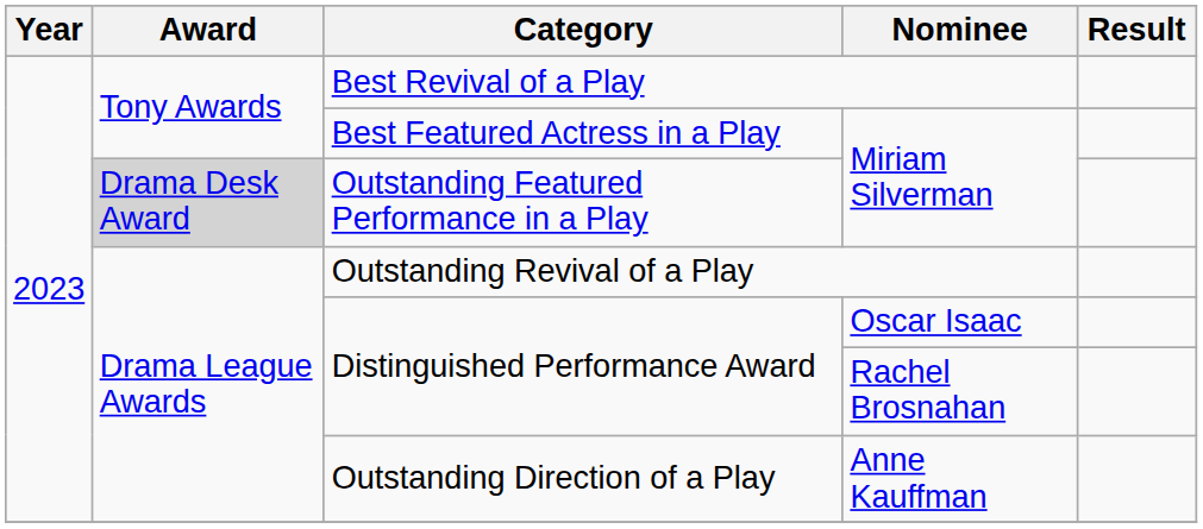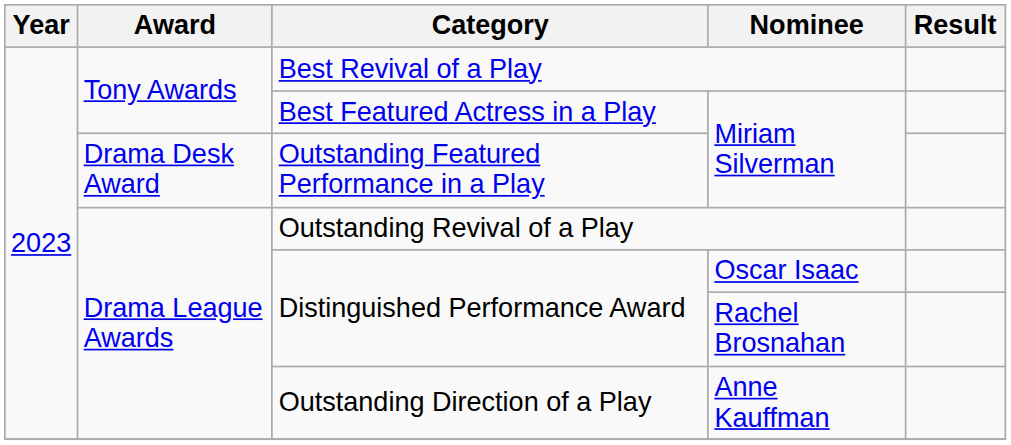 <table class="wikitable" style="width:95%;">
 <tr>
 <th style="width:5%;">Year</th>
 <th style="width:20%;">Award</th>
 <th style="width:45%;">Category</th>
 <th style="width:20%;">Nominee</th>
 <th style="width:10%;">Result</th>
 </tr>
 <tr>
 <td rowspan="7"><a href='#'>2023</a></td>
 <td rowspan=2><a href='#'>Tony Awards</a></td>
 <td colspan=2><a href='#'>Best Revival of a Play</a></td>
 <td></td>
 </tr>
 <tr>
 <td><a href='#'>Best Featured Actress in a Play</a></td>
 <td rowspan=2><a href='#'>Miriam Silverman</a></td>
 <td></td>
 </tr>
 <tr>
-<td rowspan="1" style="background: lightgrey;"><a href='#'>Drama Desk Award</a></td>
+<td rowspan="1"><a href='#'>Drama Desk Award</a></td>
 <td><a href='#'>Outstanding Featured Performance in a Play</a></td>
 <td></td>
 </tr>
 <tr>
 <td rowspan="4"><a href='#'>Drama League Awards</a></td>
 <td colspan="2">Outstanding Revival of a Play</td>
 <td></td>
 </tr>
 <tr>
 <td rowspan="2">Distinguished Performance Award</td>
 <td><a href='#'>Oscar Isaac</a></td>
 <td></td>
 </tr>
 <tr>
 <td><a href='#'>Rachel Brosnahan</a></td>
 <td></td>
 </tr>
 <tr>
 <td>Outstanding Direction of a Play</td>
 <td><a href='#'>Anne Kauffman</a></td>
 <td></td>
 </tr>
 <tr>
 </tr>
 </table>
